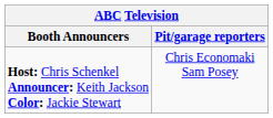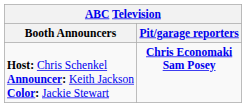 <table class="wikitable" style="font-size: 95%;">
 <tr>
 <th colspan=2><a href='#'>ABC</a> <a href='#'>Television</a></th>
 </tr>
 <tr>
 <th>Booth Announcers</th>
 <th><a href='#'>Pit/garage reporters</a></th>
 </tr>
 <tr>
 <td valign="top"><br><strong>Host:</strong> <a href='#'>Chris Schenkel</a><br> <strong><a href='#'>Announcer</a>:</strong> <a href='#'>Keith Jackson</a><br> <strong><a href='#'>Color</a>:</strong> <a href='#'>Jackie Stewart</a></td>
-<td align="center" valign="top"><a href='#'>Chris Economaki</a><br><a href='#'>Sam Posey</a></td>
+<td align="center" valign="top"><strong><a href='#'>Chris Economaki</a><br><a href='#'>Sam Posey</a></strong></td>
 </tr>
 </table>
